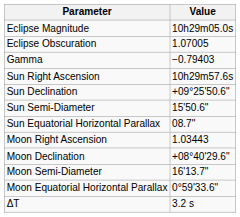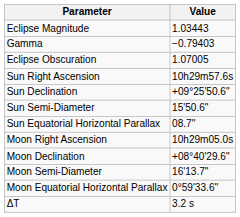 <table class="wikitable">
 <tr>
 <th>Parameter</th>
 <th>Value</th>
 </tr>
 <tr>
 <td>Eclipse Magnitude</td>
-<td>10h29m05.0s</td>
+<td>1.03443</td>
+</tr>
+<tr>
+<td>Gamma</td>
+<td>−0.79403</td>
 </tr>
 <tr>
 <td>Eclipse Obscuration</td>
 <td>1.07005</td>
-</tr>
-<tr>
-<td>Gamma</td>
-<td>−0.79403</td>
 </tr>
 <tr>
 <td>Sun Right Ascension</td>
 <td>10h29m57.6s</td>
 </tr>
 <tr>
 <td>Sun Declination</td>
 <td>+09°25'50.6"</td>
 </tr>
 <tr>
 <td>Sun Semi-Diameter</td>
 <td>15'50.6"</td>
 </tr>
 <tr>
 <td>Sun Equatorial Horizontal Parallax</td>
 <td>08.7"</td>
 </tr>
 <tr>
 <td>Moon Right Ascension</td>
-<td>1.03443</td>
+<td>10h29m05.0s</td>
 </tr>
 <tr>
 <td>Moon Declination</td>
 <td>+08°40'29.6"</td>
 </tr>
 <tr>
 <td>Moon Semi-Diameter</td>
 <td>16'13.7"</td>
 </tr>
 <tr>
 <td>Moon Equatorial Horizontal Parallax</td>
 <td>0°59'33.6"</td>
 </tr>
 <tr>
 <td>ΔT</td>
 <td>3.2 s</td>
 </tr>
 </table>
